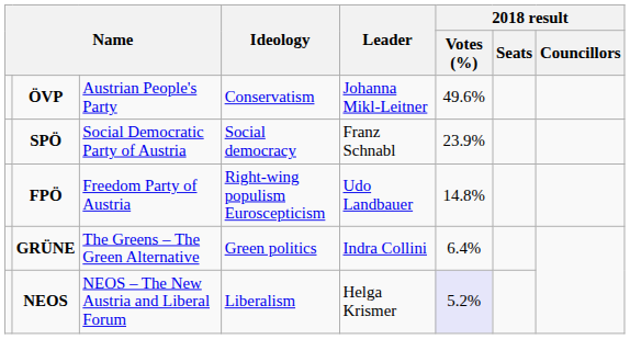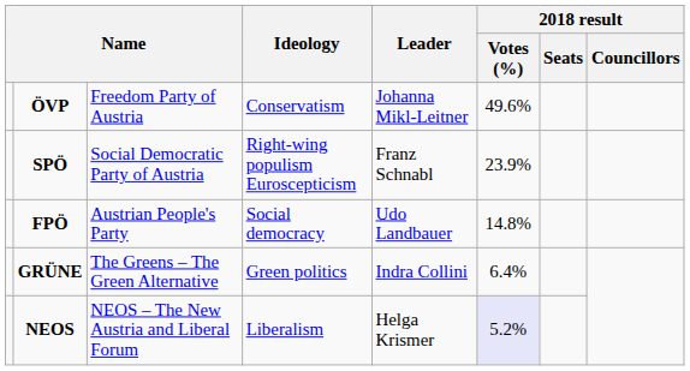 <table class="wikitable">
 <tr>
 <th rowspan="2" colspan="3">Name</th>
 <th rowspan="2">Ideology</th>
 <th rowspan="2">Leader</th>
 <th colspan="3">2018 result</th>
 </tr>
 <tr>
 <th>Votes (%)</th>
 <th>Seats</th>
 <th>Councillors</th>
 </tr>
 <tr>
 <td style="background:"></td>
 <td style="text-align:center;"><strong>ÖVP</strong></td>
-<td><a href='#'>Austrian People's Party</a><br></td>
+<td><a href='#'>Freedom Party of Austria</a><br></td>
 <td><a href='#'>Conservatism</a></td>
 <td><a href='#'>Johanna Mikl-Leitner</a></td>
 <td style="text-align:center;">49.6%</td>
 <td></td>
 <td></td>
 </tr>
 <tr>
 <td style="background:"></td>
 <td style="text-align:center;"><strong>SPÖ</strong></td>
 <td><a href='#'>Social Democratic Party of Austria</a><br></td>
-<td><a href='#'>Social democracy</a></td>
+<td><a href='#'>Right-wing populism</a><br><a href='#'>Euroscepticism</a></td>
 <td>Franz Schnabl</td>
 <td style="text-align:center;">23.9%</td>
 <td></td>
 <td></td>
 </tr>
 <tr>
 <td style="background:"></td>
 <td style="text-align:center;"><strong>FPÖ</strong></td>
-<td><a href='#'>Freedom Party of Austria</a><br></td>
-<td><a href='#'>Right-wing populism</a><br><a href='#'>Euroscepticism</a></td>
+<td><a href='#'>Austrian People's Party</a><br></td>
+<td><a href='#'>Social democracy</a></td>
 <td><a href='#'>Udo Landbauer</a></td>
 <td style="text-align:center;">14.8%</td>
 <td></td>
 <td></td>
 </tr>
 <tr>
 <td style="background:"></td>
 <td style="text-align:center;"><strong>GRÜNE</strong></td>
 <td><a href='#'>The Greens – The Green Alternative</a><br></td>
 <td><a href='#'>Green politics</a></td>
 <td><a href='#'>Indra Collini</a></td>
 <td style="text-align:center;">6.4%</td>
 <td></td>
 </tr>
 <tr>
 <td style="background:"></td>
 <td style="text-align:center;"><strong>NEOS</strong></td>
 <td><a href='#'>NEOS – The New Austria and Liberal Forum</a><br></td>
 <td><a href='#'>Liberalism</a></td>
 <td>Helga Krismer</td>
 <td style="background: lavender; text-align:center;">5.2%</td>
 <td></td>
 </tr>
 </table>
